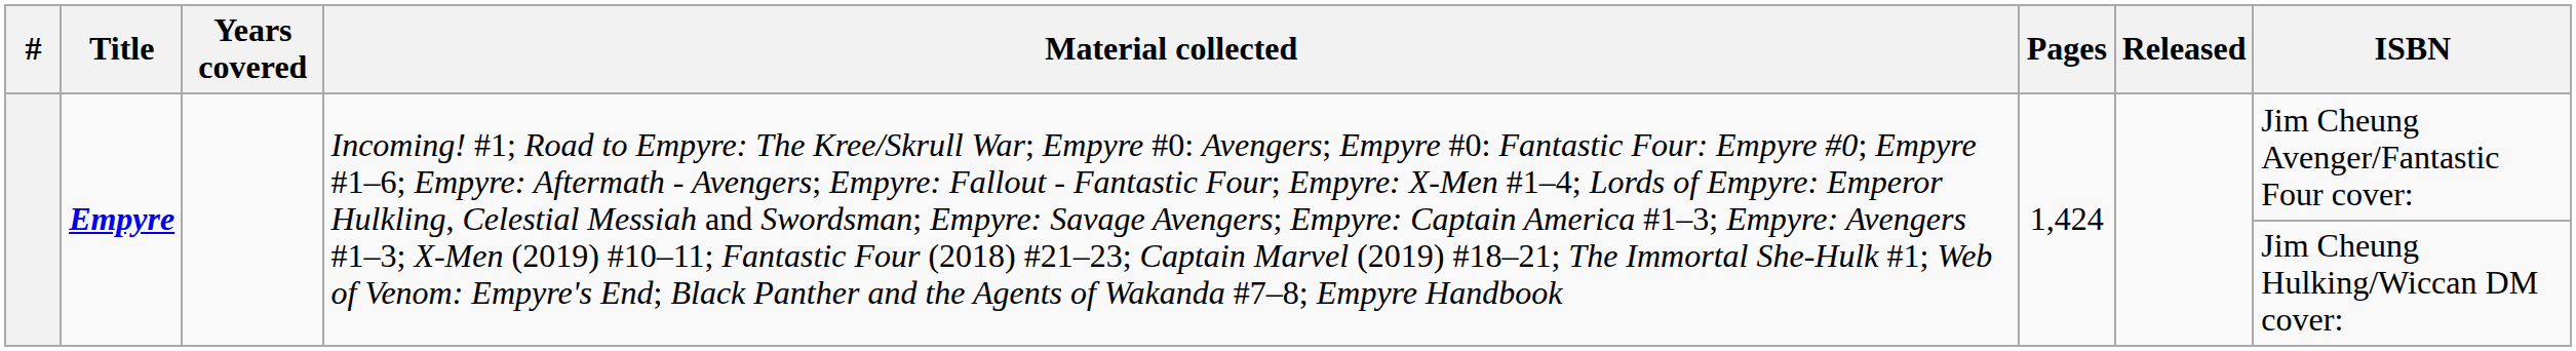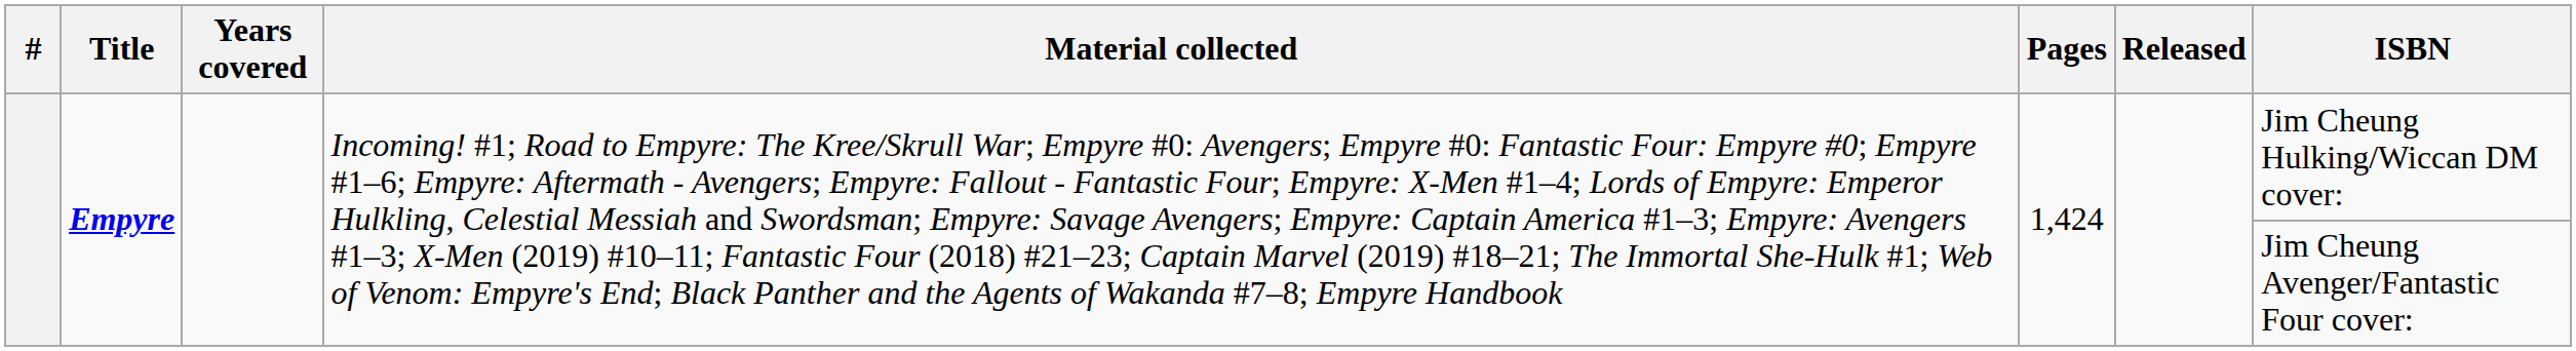 <table class="wikitable sortable" width="99%">
 <tr>
 <th class="unsortable" width="20px">#</th>
 <th>Title</th>
 <th>Years covered</th>
 <th class="unsortable">Material collected</th>
 <th>Pages</th>
 <th>Released</th>
 <th class="unsortable">ISBN</th>
 </tr>
 <tr>
 <th rowspan="2" style="background-color: light grey;"></th>
 <td rowspan="2"><strong><em><a href='#'>Empyre</a></em></strong></td>
 <td rowspan="2"></td>
 <td rowspan="2"><em>Incoming!</em> #1; <em>Road to Empyre: The Kree/Skrull War</em>; <em>Empyre</em> #0: <em>Avengers</em>; <em>Empyre</em> #0: <em>Fantastic Four: Empyre #0</em>; <em>Empyre</em> #1–6; <em>Empyre: Aftermath - Avengers</em>; <em>Empyre: Fallout - Fantastic Four</em>; <em>Empyre: X-Men</em> #1–4; <em>Lords of Empyre: Emperor Hulkling</em>, <em>Celestial Messiah</em> and <em>Swordsman</em>; <em>Empyre: Savage Avengers</em>; <em>Empyre: Captain America</em> #1–3; <em>Empyre: Avengers</em> #1–3; <em>X-Men</em> (2019) #10–11; <em>Fantastic Four</em> (2018) #21–23; <em>Captain Marvel</em> (2019) #18–21; <em>The Immortal She-Hulk</em> #1; <em>Web of Venom: Empyre's End</em>; <em>Black Panther and the Agents of Wakanda</em> #7–8; <em>Empyre Handbook</em></td>
 <td rowspan="2" style="text-align: center;">1,424</td>
 <td rowspan="2"></td>
+<td>Jim Cheung Hulking/Wiccan DM cover: </td>
+</tr>
+<tr>
 <td>Jim Cheung Avenger/Fantastic Four cover: </td>
 </tr>
-<tr>
-<td>Jim Cheung Hulking/Wiccan DM cover: </td>
-</tr>
 </table>
